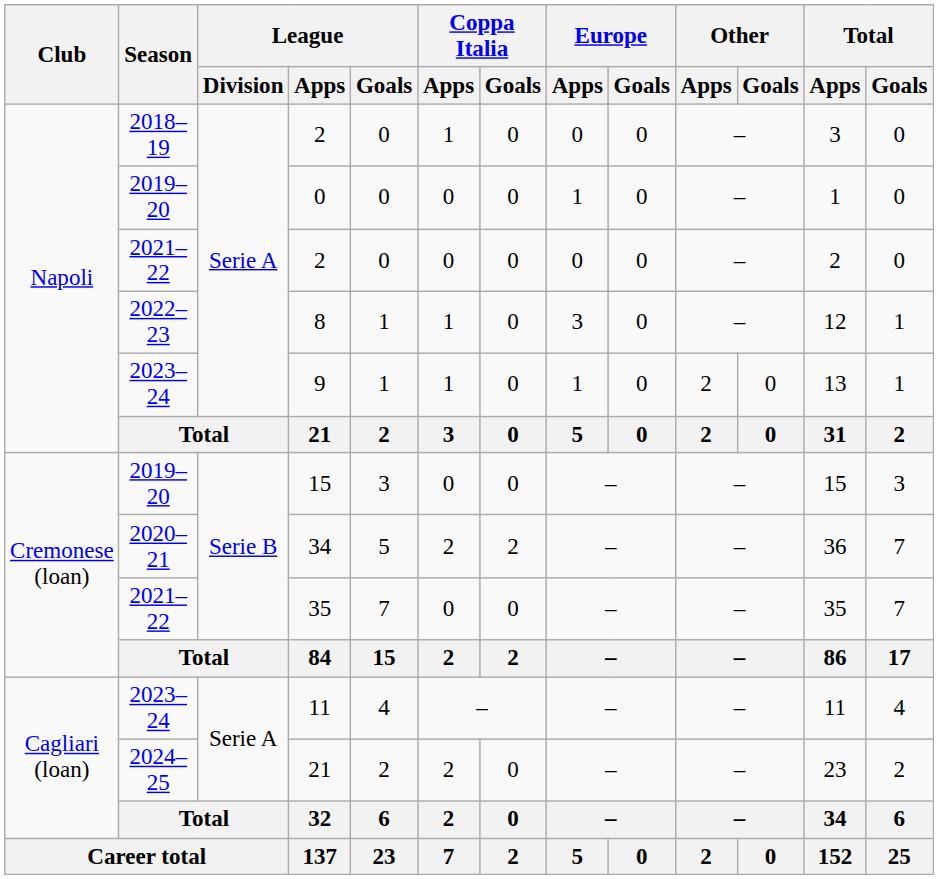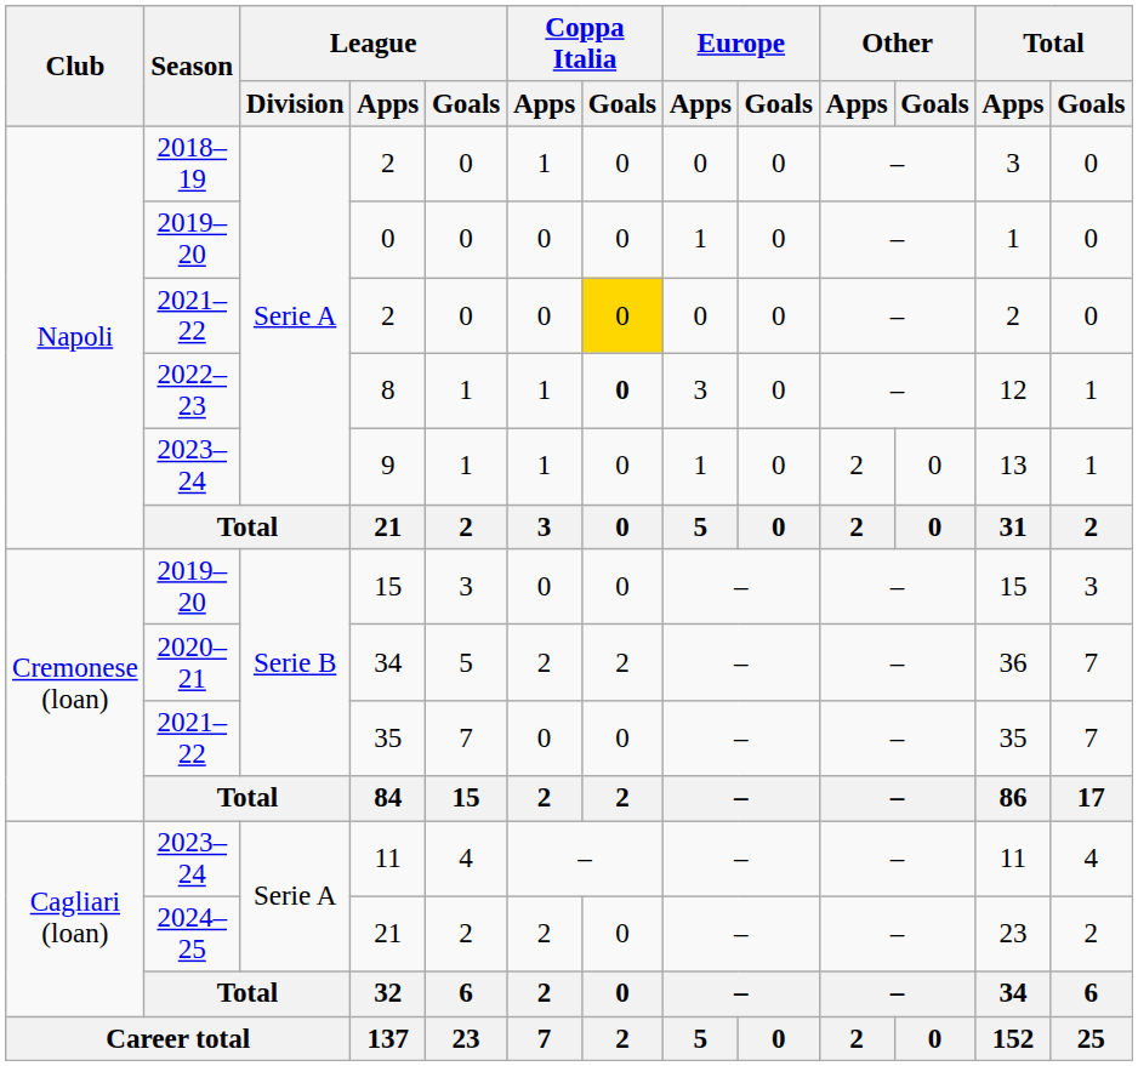 <table class="wikitable" style="text-align:center">
 <tr>
 <th rowspan="2">Club</th>
 <th rowspan="2">Season</th>
 <th colspan="3">League</th>
 <th colspan="2"><a href='#'>Coppa Italia</a></th>
 <th colspan="2"><a href='#'>Europe</a></th>
 <th colspan="2">Other</th>
 <th colspan="3">Total</th>
 </tr>
 <tr>
 <th>Division</th>
 <th>Apps</th>
 <th>Goals</th>
 <th>Apps</th>
 <th>Goals</th>
 <th>Apps</th>
 <th>Goals</th>
 <th>Apps</th>
 <th>Goals</th>
 <th>Apps</th>
 <th>Goals</th>
 </tr>
 <tr>
 <td rowspan="6"><a href='#'>Napoli</a></td>
 <td><a href='#'>2018–19</a></td>
 <td rowspan="5"><a href='#'>Serie A</a></td>
 <td>2</td>
 <td>0</td>
 <td>1</td>
 <td>0</td>
 <td>0</td>
 <td>0</td>
 <td colspan="2">–</td>
 <td>3</td>
 <td>0</td>
 </tr>
 <tr>
 <td><a href='#'>2019–20</a></td>
 <td>0</td>
 <td>0</td>
 <td>0</td>
 <td>0</td>
 <td>1</td>
 <td>0</td>
 <td colspan="2">–</td>
 <td>1</td>
 <td>0</td>
 </tr>
 <tr>
 <td><a href='#'>2021–22</a></td>
 <td>2</td>
 <td>0</td>
 <td>0</td>
-<td>0</td>
+<td style="background: gold;">0</td>
 <td>0</td>
 <td>0</td>
 <td colspan="2">–</td>
 <td>2</td>
 <td>0</td>
 </tr>
 <tr>
 <td><a href='#'>2022–23</a></td>
 <td>8</td>
 <td>1</td>
 <td>1</td>
-<td>0</td>
+<td><strong>0</strong></td>
 <td>3</td>
 <td>0</td>
 <td colspan="2">–</td>
 <td>12</td>
 <td>1</td>
 </tr>
 <tr>
 <td><a href='#'>2023–24</a></td>
 <td>9</td>
 <td>1</td>
 <td>1</td>
 <td>0</td>
 <td>1</td>
 <td>0</td>
 <td>2</td>
 <td>0</td>
 <td>13</td>
 <td>1</td>
 </tr>
 <tr>
 <th colspan="2">Total</th>
 <th>21</th>
 <th>2</th>
 <th>3</th>
 <th>0</th>
 <th>5</th>
 <th>0</th>
 <th>2</th>
 <th>0</th>
 <th>31</th>
 <th>2</th>
 </tr>
 <tr>
 <td rowspan="4"><a href='#'>Cremonese</a> (loan)</td>
 <td><a href='#'>2019–20</a></td>
 <td rowspan="3"><a href='#'>Serie B</a></td>
 <td>15</td>
 <td>3</td>
 <td>0</td>
 <td>0</td>
 <td colspan="2">–</td>
 <td colspan="2">–</td>
 <td>15</td>
 <td>3</td>
 </tr>
 <tr>
 <td><a href='#'>2020–21</a></td>
 <td>34</td>
 <td>5</td>
 <td>2</td>
 <td>2</td>
 <td colspan="2">–</td>
 <td colspan="2">–</td>
 <td>36</td>
 <td>7</td>
 </tr>
 <tr>
 <td><a href='#'>2021–22</a></td>
 <td>35</td>
 <td>7</td>
 <td>0</td>
 <td>0</td>
 <td colspan="2">–</td>
 <td colspan="2">–</td>
 <td>35</td>
 <td>7</td>
 </tr>
 <tr>
 <th colspan="2">Total</th>
 <th>84</th>
 <th>15</th>
 <th>2</th>
 <th>2</th>
 <th colspan="2">–</th>
 <th colspan="2">–</th>
 <th>86</th>
 <th>17</th>
 </tr>
 <tr>
 <td rowspan="3"><a href='#'>Cagliari</a> (loan)</td>
 <td><a href='#'>2023–24</a></td>
 <td rowspan="2">Serie A</td>
 <td>11</td>
 <td>4</td>
 <td colspan="2">–</td>
 <td colspan="2">–</td>
 <td colspan="2">–</td>
 <td>11</td>
 <td>4</td>
 </tr>
 <tr>
 <td><a href='#'>2024–25</a></td>
 <td>21</td>
 <td>2</td>
 <td>2</td>
 <td>0</td>
 <td colspan="2">–</td>
 <td colspan="2">–</td>
 <td>23</td>
 <td>2</td>
 </tr>
 <tr>
 <th colspan="2">Total</th>
 <th>32</th>
 <th>6</th>
 <th>2</th>
 <th>0</th>
 <th colspan="2">–</th>
 <th colspan="2">–</th>
 <th>34</th>
 <th>6</th>
 </tr>
 <tr>
 <th colspan="3">Career total</th>
 <th>137</th>
 <th>23</th>
 <th>7</th>
 <th>2</th>
 <th>5</th>
 <th>0</th>
 <th>2</th>
 <th>0</th>
 <th>152</th>
 <th>25</th>
 </tr>
 </table>
